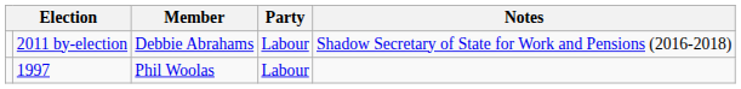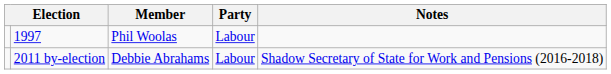 <table class="wikitable">
 <tr>
 <th colspan="2">Election</th>
 <th>Member</th>
 <th>Party</th>
 <th>Notes</th>
 </tr>
 <tr>
 <td style="color:inherit;background-color: "></td>
+<td><a href='#'>1997</a></td>
+<td><a href='#'>Phil Woolas</a></td>
+<td><a href='#'>Labour</a></td>
+<td></td>
+</tr>
+<tr>
+<td style="color:inherit;background-color: "></td>
 <td><a href='#'>2011 by-election</a></td>
 <td><a href='#'>Debbie Abrahams</a></td>
 <td><a href='#'>Labour</a></td>
 <td><a href='#'>Shadow Secretary of State for Work and Pensions</a> (2016-2018)</td>
 </tr>
-<tr>
-<td style="color:inherit;background-color: "></td>
-<td><a href='#'>1997</a></td>
-<td><a href='#'>Phil Woolas</a></td>
-<td><a href='#'>Labour</a></td>
-<td></td>
-</tr>
 </table>
